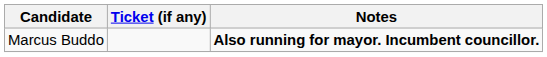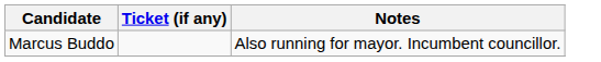 <table class="wikitable" style="font-size: 95%">
 <tr>
 <th>Candidate</th>
 <th><a href='#'>Ticket</a> (if any)</th>
 <th>Notes</th>
 </tr>
 <tr>
 <td>Marcus Buddo</td>
 <td></td>
-<td><strong>Also running for mayor. Incumbent councillor.</strong></td>
+<td>Also running for mayor. Incumbent councillor.</td>
 </tr>
 <tr>
 </tr>
 </table>
